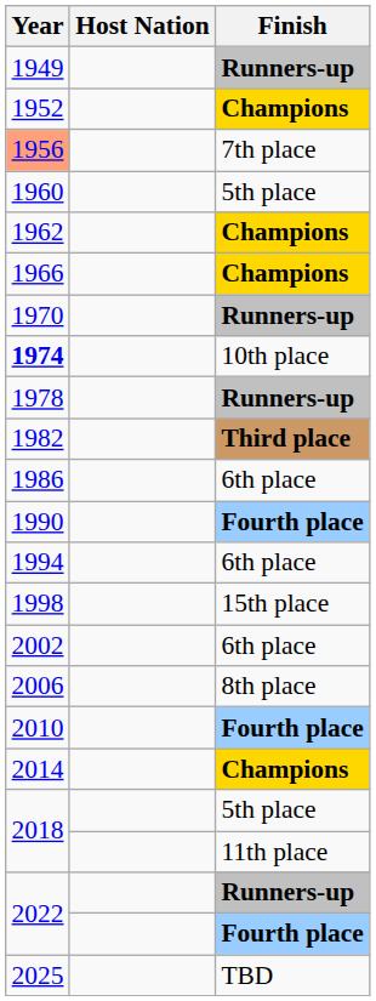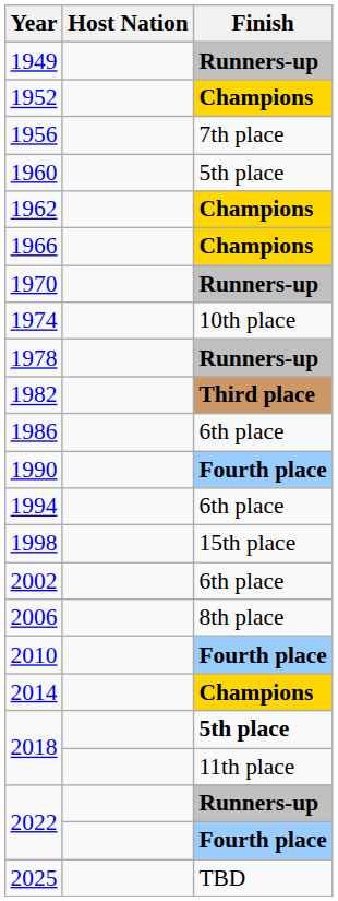 <table class="wikitable">
 <tr>
 <th>Year</th>
 <th>Host Nation</th>
 <th>Finish</th>
 </tr>
 <tr>
 <td><a href='#'>1949</a></td>
 <td></td>
 <td bgcolor=silver><strong>Runners-up</strong></td>
 </tr>
 <tr>
 <td><a href='#'>1952</a></td>
 <td></td>
 <td bgcolor=gold><strong>Champions</strong></td>
 </tr>
 <tr>
-<td style="background: lightsalmon;"><a href='#'>1956</a></td>
+<td><a href='#'>1956</a></td>
 <td></td>
 <td>7th place</td>
 </tr>
 <tr>
 <td><a href='#'>1960</a></td>
 <td></td>
 <td>5th place</td>
 </tr>
 <tr>
 <td><a href='#'>1962</a></td>
 <td></td>
 <td bgcolor=gold><strong>Champions</strong></td>
 </tr>
 <tr>
 <td><a href='#'>1966</a></td>
 <td></td>
 <td bgcolor=gold><strong>Champions</strong></td>
 </tr>
 <tr>
 <td><a href='#'>1970</a></td>
 <td></td>
 <td bgcolor=silver><strong>Runners-up</strong></td>
 </tr>
 <tr>
-<td><strong><a href='#'>1974</a></strong></td>
+<td><a href='#'>1974</a></td>
 <td></td>
 <td>10th place</td>
 </tr>
 <tr>
 <td><a href='#'>1978</a></td>
 <td></td>
 <td bgcolor=silver><strong>Runners-up</strong></td>
 </tr>
 <tr>
 <td><a href='#'>1982</a></td>
 <td></td>
 <td bgcolor=#cc9966><strong>Third place</strong></td>
 </tr>
 <tr>
 <td><a href='#'>1986</a></td>
 <td></td>
 <td>6th place</td>
 </tr>
 <tr>
 <td><a href='#'>1990</a></td>
 <td></td>
 <td bgcolor=#9acdff><strong>Fourth place</strong></td>
 </tr>
 <tr>
 <td><a href='#'>1994</a></td>
 <td></td>
 <td>6th place</td>
 </tr>
 <tr>
 <td><a href='#'>1998</a></td>
 <td></td>
 <td>15th place</td>
 </tr>
 <tr>
 <td><a href='#'>2002</a></td>
 <td></td>
 <td>6th place</td>
 </tr>
 <tr>
 <td><a href='#'>2006</a></td>
 <td></td>
 <td>8th place</td>
 </tr>
 <tr>
 <td><a href='#'>2010</a></td>
 <td></td>
 <td bgcolor=#9acdff><strong>Fourth place</strong></td>
 </tr>
 <tr>
 <td><a href='#'>2014</a></td>
 <td></td>
 <td bgcolor=gold><strong>Champions</strong></td>
 </tr>
 <tr>
 <td rowspan=2><a href='#'>2018</a></td>
 <td></td>
-<td>5th place</td>
+<td><strong>5th place</strong></td>
 </tr>
 <tr>
 <td></td>
 <td>11th place</td>
 </tr>
 <tr>
 <td rowspan=2><a href='#'>2022</a></td>
 <td></td>
 <td bgcolor=silver><strong>Runners-up</strong></td>
 </tr>
 <tr>
 <td></td>
 <td bgcolor=#9acdff><strong>Fourth place</strong></td>
 </tr>
 <tr>
 <td><a href='#'>2025</a></td>
 <td></td>
 <td>TBD</td>
 </tr>
 </table>
